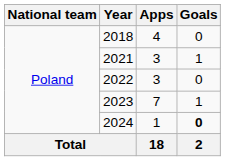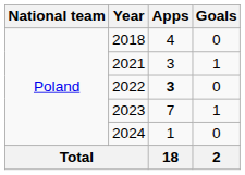 <table class=wikitable style=text-align:center>
 <tr>
 <th>National team</th>
 <th>Year</th>
 <th>Apps</th>
 <th>Goals</th>
 </tr>
 <tr>
 <td rowspan="5"><a href='#'>Poland</a></td>
 <td>2018</td>
 <td>4</td>
 <td>0</td>
 </tr>
 <tr>
 <td>2021</td>
 <td>3</td>
 <td>1</td>
 </tr>
 <tr>
 <td>2022</td>
-<td>3</td>
+<td><strong>3</strong></td>
 <td>0</td>
 </tr>
 <tr>
 <td>2023</td>
 <td>7</td>
 <td>1</td>
 </tr>
 <tr>
 <td>2024</td>
 <td>1</td>
-<td><strong>0</strong></td>
+<td>0</td>
 </tr>
 <tr>
 <th colspan="2">Total</th>
 <th>18</th>
 <th>2</th>
 </tr>
 </table>
